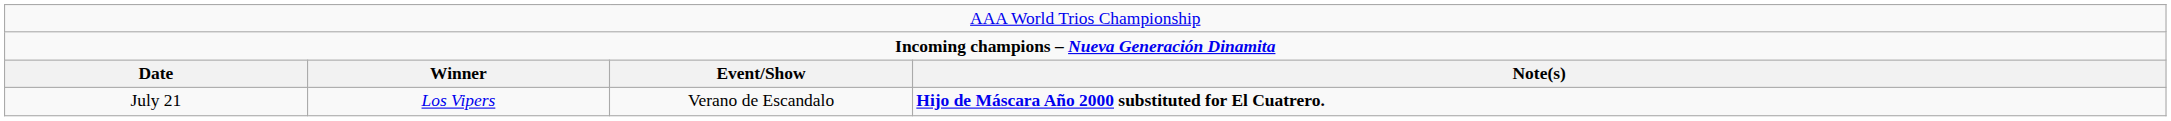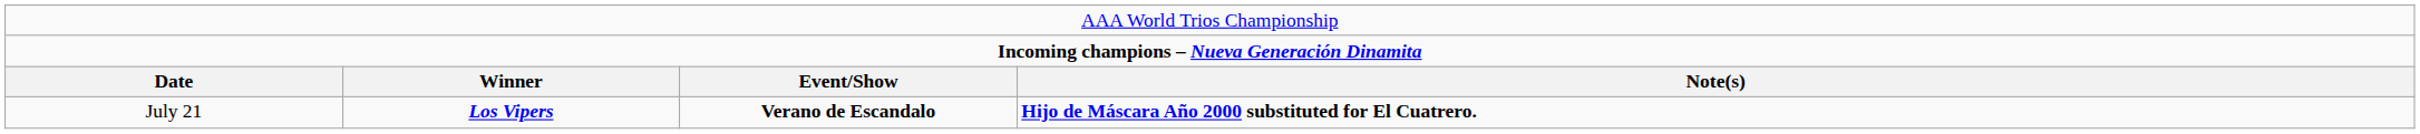 <table class="wikitable" style="text-align:center; width:100%;">
 <tr>
 <td colspan="5" style="text-align: center;"><a href='#'>AAA World Trios Championship</a></td>
 </tr>
 <tr>
 <td colspan="5" style="text-align: center;"><strong>Incoming champions – <a href='#'><em>Nueva Generación Dinamita</em></a> </strong></td>
 </tr>
 <tr>
 <th width=14%>Date</th>
 <th width=14%>Winner</th>
 <th width=14%>Event/Show</th>
 <th width=58%>Note(s)</th>
 </tr>
 <tr>
 <td>July 21</td>
-<td><em><a href='#'>Los Vipers</a></em><br></td>
-<td>Verano de Escandalo</td>
+<td><strong><em><a href='#'>Los Vipers</a></em><br></strong></td>
+<td><strong>Verano de Escandalo</strong></td>
 <td align=left><strong><a href='#'>Hijo de Máscara Año 2000</a> substituted for El Cuatrero.</strong></td>
 </tr>
 </table>
